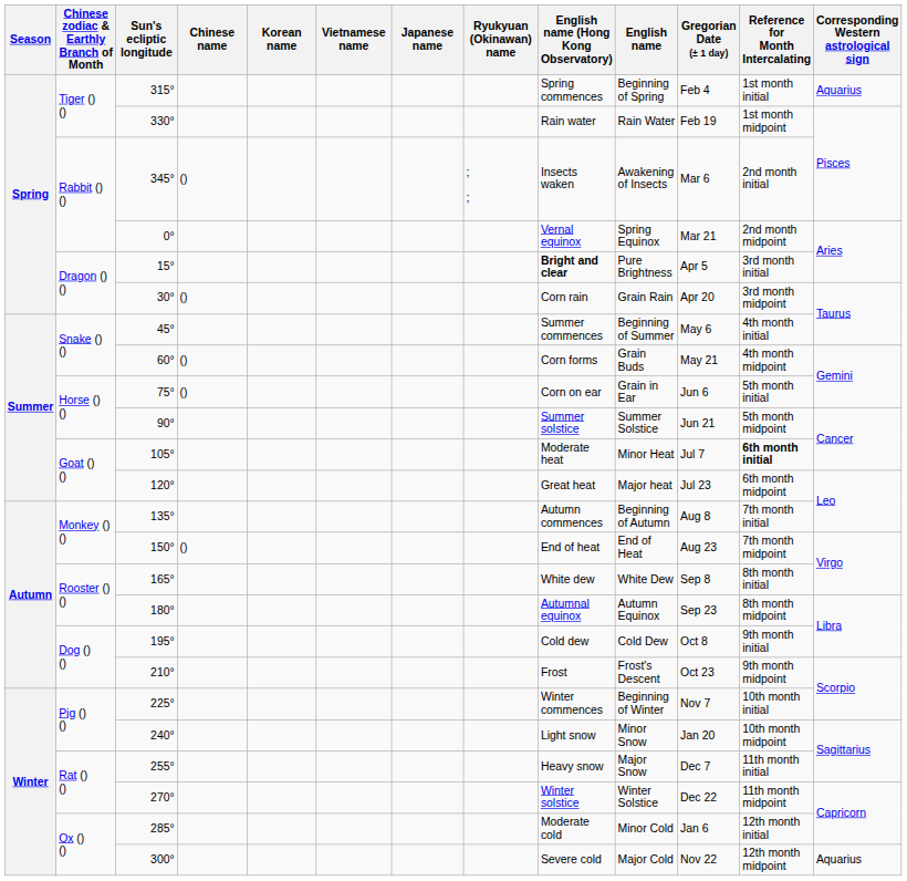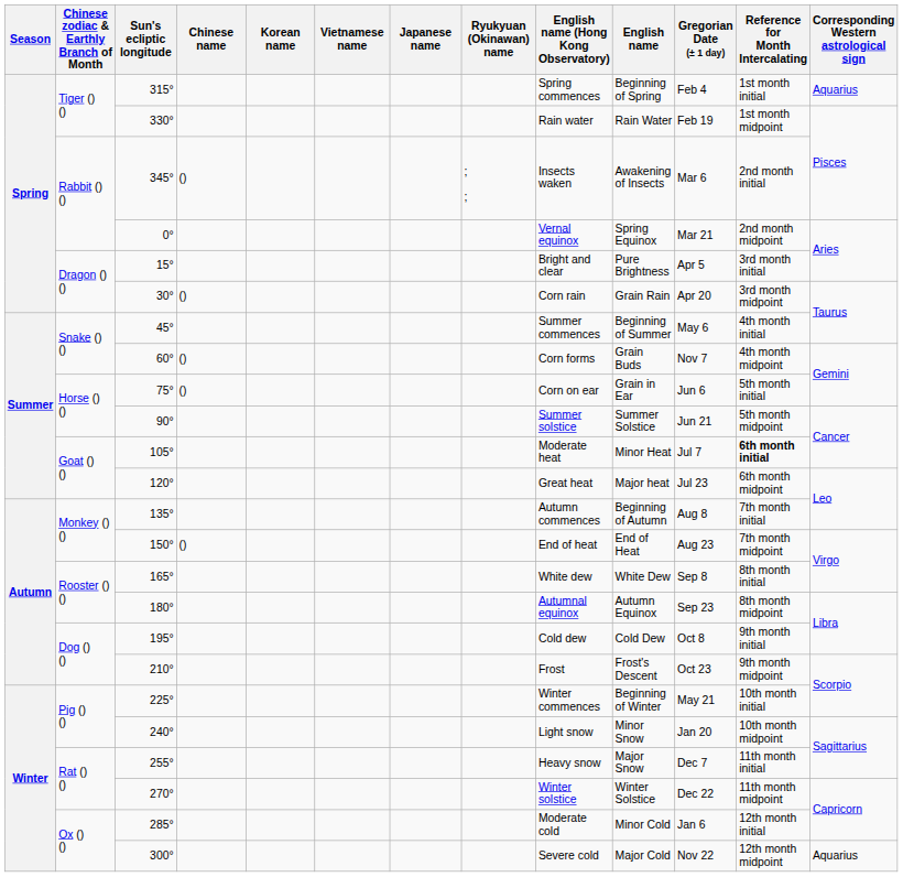 <table class="wikitable">
 <tr style="background:#efefef;">
 <th><a href='#'>Season</a></th>
 <th style="width: 80px;"><a href='#'>Chinese zodiac</a> & <a href='#'>Earthly Branch</a> of Month</th>
 <th style="width: 80px;">Sun's ecliptic<br>longitude</th>
 <th style="width: 100px;">Chinese<br>name</th>
 <th style="width: 100px;">Korean name</th>
 <th style="width: 100px;">Vietnamese<br>name</th>
 <th style="width: 100px;">Japanese<br>name</th>
 <th style="width: 100px;">Ryukyuan<br>(Okinawan) name</th>
 <th style="width: 100px;">English<br>name (Hong Kong Observatory)</th>
 <th style="width: 80px;">English<br>name</th>
 <th style="width: 80px;">Gregorian<br>Date<br><small>(± 1 day)</small></th>
 <th style="width: 80px;">Reference for<br>Month Intercalating</th>
 <th style="width: 80px;">Corresponding Western <a href='#'>astrological sign</a></th>
 </tr>
 <tr style="background:#;">
 <th rowspan="6"><a href='#'>Spring</a></th>
 <td rowspan="2" style="background:#;"><a href='#'>Tiger</a> ()<br> ()</td>
 <td align="right">315°</td>
 <td><br></td>
 <td><br></td>
 <td> </td>
 <td><br></td>
 <td><br></td>
 <td>Spring commences</td>
 <td>Beginning of Spring</td>
 <td>Feb 4</td>
 <td>1st month initial</td>
 <td style="background:#;"><a href='#'>Aquarius</a></td>
 </tr>
 <tr style="background:#;">
 <td align="right">330°</td>
 <td><br></td>
 <td><br></td>
 <td> </td>
 <td><br></td>
 <td><br></td>
 <td>Rain water</td>
 <td>Rain Water</td>
 <td>Feb 19</td>
 <td>1st month midpoint</td>
 <td style="background:#;" rowspan="2"><a href='#'>Pisces</a></td>
 </tr>
 <tr style="background:#;">
 <td rowspan="2" style="background:#;"><a href='#'>Rabbit</a> ()<br> ()</td>
 <td align="right">345°</td>
 <td> ()<br></td>
 <td><br></td>
 <td> </td>
 <td><br></td>
 <td><br><br>;<br> <br>;<br> <br></td>
 <td>Insects waken</td>
 <td>Awakening of Insects</td>
 <td>Mar 6</td>
 <td>2nd month initial</td>
 </tr>
 <tr style="background:#;">
 <td align="right">0°</td>
 <td><br></td>
 <td><br></td>
 <td> </td>
 <td><br></td>
 <td><br></td>
 <td><a href='#'>Vernal equinox</a></td>
 <td>Spring Equinox</td>
 <td>Mar 21</td>
 <td>2nd month midpoint</td>
 <td style="background:#;" rowspan="2"><a href='#'>Aries</a></td>
 </tr>
 <tr style="background:#;">
 <td rowspan="2" style="background:#;"><a href='#'>Dragon</a> ()<br> ()</td>
 <td align="right">15°</td>
 <td><br></td>
 <td><br></td>
 <td> </td>
 <td><br></td>
 <td><br></td>
-<td><strong>Bright and clear</strong></td>
+<td>Bright and clear</td>
 <td>Pure Brightness</td>
 <td>Apr 5</td>
 <td>3rd month initial</td>
 </tr>
 <tr style="background:#;">
 <td align="right">30°</td>
 <td> ()<br></td>
 <td><br></td>
 <td> </td>
 <td><br></td>
 <td><br></td>
 <td>Corn rain</td>
 <td>Grain Rain</td>
 <td>Apr 20</td>
 <td>3rd month midpoint</td>
 <td style="background:#;" rowspan="2"><a href='#'>Taurus</a></td>
 </tr>
 <tr style="background:#;">
 <th rowspan="6"><a href='#'>Summer</a></th>
 <td rowspan="2" style="background:#;"><a href='#'>Snake</a> ()<br> ()</td>
 <td align="right">45°</td>
 <td><br></td>
 <td><br></td>
 <td> </td>
 <td><br></td>
 <td><br></td>
 <td>Summer commences</td>
 <td>Beginning of Summer</td>
 <td>May 6</td>
 <td>4th month initial</td>
 </tr>
 <tr style="background:#;">
 <td align="right">60°</td>
 <td> ()<br></td>
 <td><br></td>
 <td> </td>
 <td><br></td>
 <td><br></td>
 <td>Corn forms</td>
 <td>Grain Buds</td>
-<td>May 21</td>
+<td>Nov 7</td>
 <td>4th month midpoint</td>
 <td style="background:#;" rowspan="2"><a href='#'>Gemini</a></td>
 </tr>
 <tr style="background:#;">
 <td rowspan="2" style="background:#;"><a href='#'>Horse</a> ()<br> ()</td>
 <td align="right">75°</td>
 <td> ()<br></td>
 <td><br></td>
 <td> </td>
 <td><br></td>
 <td><br></td>
 <td>Corn on ear</td>
 <td>Grain in Ear</td>
 <td>Jun 6</td>
 <td>5th month initial</td>
 </tr>
 <tr style="background:#;">
 <td align="right">90°</td>
 <td><br></td>
 <td><br></td>
 <td> </td>
 <td><br></td>
 <td><br></td>
 <td><a href='#'>Summer solstice</a></td>
 <td>Summer Solstice</td>
 <td>Jun 21</td>
 <td>5th month midpoint</td>
 <td style="background:#;" rowspan="2"><a href='#'>Cancer</a></td>
 </tr>
 <tr style="background:#;">
 <td rowspan="2" style="background:#;"><a href='#'>Goat</a> ()<br> ()</td>
 <td align="right">105°</td>
 <td><br></td>
 <td><br></td>
 <td> </td>
 <td><br></td>
 <td><br></td>
 <td>Moderate heat</td>
 <td>Minor Heat</td>
 <td>Jul 7</td>
 <td><strong>6th month initial</strong></td>
 </tr>
 <tr style="background:#;">
 <td align="right">120°</td>
 <td><br></td>
 <td><br></td>
 <td> </td>
 <td><br></td>
 <td><br></td>
 <td>Great heat</td>
 <td>Major heat</td>
 <td>Jul 23</td>
 <td>6th month midpoint</td>
 <td style="background:#;" rowspan="2"><a href='#'>Leo</a></td>
 </tr>
 <tr style="background:#;">
 <th rowspan="6"><a href='#'>Autumn</a></th>
 <td rowspan="2" style="background:#;"><a href='#'>Monkey</a> ()<br> ()</td>
 <td align="right">135°</td>
 <td><br></td>
 <td><br></td>
 <td> </td>
 <td><br></td>
 <td><br></td>
 <td>Autumn commences</td>
 <td>Beginning of Autumn</td>
 <td>Aug 8</td>
 <td>7th month initial</td>
 </tr>
 <tr style="background:#;">
 <td align="right">150°</td>
 <td> ()<br></td>
 <td><br></td>
 <td> </td>
 <td><br></td>
 <td><br></td>
 <td>End of heat</td>
 <td>End of Heat</td>
 <td>Aug 23</td>
 <td>7th month midpoint</td>
 <td style="background:#;" rowspan="2"><a href='#'>Virgo</a></td>
 </tr>
 <tr style="background:#;">
 <td rowspan="2" style="background:#;"><a href='#'>Rooster</a> ()<br> ()</td>
 <td align="right">165°</td>
 <td><br></td>
 <td><br></td>
 <td> </td>
 <td><br></td>
 <td><br></td>
 <td>White dew</td>
 <td>White Dew</td>
 <td>Sep 8</td>
 <td>8th month initial</td>
 </tr>
 <tr style="background:#;">
 <td align="right">180°</td>
 <td><br></td>
 <td><br></td>
 <td> </td>
 <td><br></td>
 <td><br></td>
 <td><a href='#'>Autumnal equinox</a></td>
 <td>Autumn Equinox</td>
 <td>Sep 23</td>
 <td>8th month midpoint</td>
 <td style="background:#;" rowspan="2"><a href='#'>Libra</a></td>
 </tr>
 <tr style="background:#;">
 <td rowspan="2" style="background:#;"><a href='#'>Dog</a> ()<br> ()</td>
 <td align="right">195°</td>
 <td><br></td>
 <td><br></td>
 <td> </td>
 <td><br></td>
 <td><br></td>
 <td>Cold dew</td>
 <td>Cold Dew</td>
 <td>Oct 8</td>
 <td>9th month initial</td>
 </tr>
 <tr style="background:#;">
 <td align="right">210°</td>
 <td><br></td>
 <td><br></td>
 <td> </td>
 <td><br></td>
 <td><br></td>
 <td>Frost</td>
 <td>Frost's Descent</td>
 <td>Oct 23</td>
 <td>9th month midpoint</td>
 <td style="background:#;" rowspan="2"><a href='#'>Scorpio</a></td>
 </tr>
 <tr style="background:#;">
 <th rowspan="6"><a href='#'>Winter</a></th>
 <td rowspan="2" style="background:#;"><a href='#'>Pig</a> ()<br> ()</td>
 <td align="right">225°</td>
 <td><br></td>
 <td><br></td>
 <td> </td>
 <td><br></td>
 <td><br></td>
 <td>Winter commences</td>
 <td>Beginning of Winter</td>
-<td>Nov 7</td>
+<td>May 21</td>
 <td>10th month initial</td>
 </tr>
 <tr style="background:#;">
 <td align="right">240°</td>
 <td><br></td>
 <td><br></td>
 <td> </td>
 <td><br></td>
 <td><br></td>
 <td>Light snow</td>
 <td>Minor Snow</td>
 <td>Jan 20</td>
 <td>10th month midpoint</td>
 <td style="background:#;" rowspan="2"><a href='#'>Sagittarius</a></td>
 </tr>
 <tr style="background:#;">
 <td rowspan="2" style="background:#;"><a href='#'>Rat</a> ()<br> ()</td>
 <td align="right">255°</td>
 <td><br></td>
 <td><br></td>
 <td> </td>
 <td><br></td>
 <td><br></td>
 <td>Heavy snow</td>
 <td>Major Snow</td>
 <td>Dec 7</td>
 <td>11th month initial</td>
 </tr>
 <tr style="background:#;">
 <td align="right">270°</td>
 <td><br></td>
 <td><br></td>
 <td> </td>
 <td><br></td>
 <td><br></td>
 <td><a href='#'>Winter solstice</a></td>
 <td>Winter Solstice</td>
 <td>Dec 22</td>
 <td>11th month midpoint</td>
 <td style="background:#;" rowspan="2"><a href='#'>Capricorn</a></td>
 </tr>
 <tr style="background:#;">
 <td rowspan="2" style="background:#;"><a href='#'>Ox</a> ()<br> ()</td>
 <td align="right">285°</td>
 <td><br></td>
 <td><br></td>
 <td> </td>
 <td><br></td>
 <td><br></td>
 <td>Moderate cold</td>
 <td>Minor Cold</td>
 <td>Jan 6</td>
 <td>12th month initial</td>
 </tr>
 <tr style="background:#;">
 <td align="right">300°</td>
 <td><br></td>
 <td><br></td>
 <td> </td>
 <td><br></td>
 <td><br></td>
 <td>Severe cold</td>
 <td>Major Cold</td>
 <td>Nov 22</td>
 <td>12th month midpoint</td>
 <td style="background:#;">Aquarius</td>
 </tr>
 </table>
